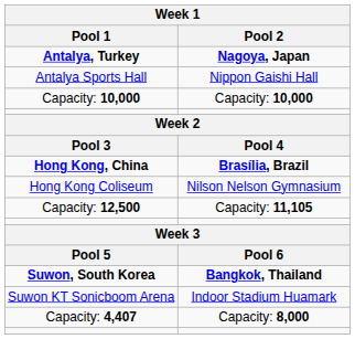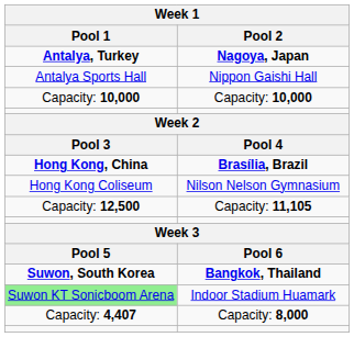 <table class="wikitable" style="text-align:center">
 <tr>
 <th width=100% colspan=2>Week 1</th>
 </tr>
 <tr>
 <th width=50%>Pool 1</th>
 <th width=50%>Pool 2</th>
 </tr>
 <tr>
 <td><strong><a href='#'>Antalya</a>, Turkey</strong></td>
 <td><strong><a href='#'>Nagoya</a>, Japan</strong></td>
 </tr>
 <tr>
 <td><a href='#'>Antalya Sports Hall</a></td>
 <td><a href='#'>Nippon Gaishi Hall</a></td>
 </tr>
 <tr>
 <td>Capacity: <strong>10,000</strong></td>
 <td>Capacity: <strong>10,000</strong></td>
 </tr>
 <tr>
 <td></td>
 <td></td>
 </tr>
 <tr>
 <th width=100% colspan=2>Week 2</th>
 </tr>
 <tr>
 <th width=50%>Pool 3</th>
 <th width=50%>Pool 4</th>
 </tr>
 <tr>
 <td><strong><a href='#'>Hong Kong</a>, China</strong></td>
 <td><strong><a href='#'>Brasília</a>, Brazil</strong></td>
 </tr>
 <tr>
 <td><a href='#'>Hong Kong Coliseum</a></td>
 <td><a href='#'>Nilson Nelson Gymnasium</a></td>
 </tr>
 <tr>
 <td>Capacity: <strong>12,500</strong></td>
 <td>Capacity: <strong>11,105</strong></td>
 </tr>
 <tr>
 <td></td>
 <td></td>
 </tr>
 <tr>
 <th width=100% colspan=2>Week 3</th>
 </tr>
 <tr>
 <th width=50%>Pool 5</th>
 <th width=50%>Pool 6</th>
 </tr>
 <tr>
 <td><strong><a href='#'>Suwon</a>, South Korea</strong></td>
 <td><strong><a href='#'>Bangkok</a>, Thailand</strong></td>
 </tr>
 <tr>
-<td><a href='#'>Suwon KT Sonicboom Arena</a></td>
+<td style="background: lightgreen;"><a href='#'>Suwon KT Sonicboom Arena</a></td>
 <td><a href='#'>Indoor Stadium Huamark</a></td>
 </tr>
 <tr>
 <td>Capacity: <strong>4,407</strong></td>
 <td>Capacity: <strong>8,000</strong></td>
 </tr>
 <tr>
 <td></td>
 <td></td>
 </tr>
 </table>
